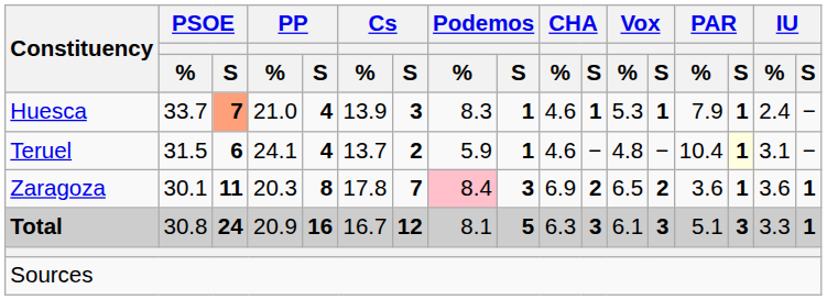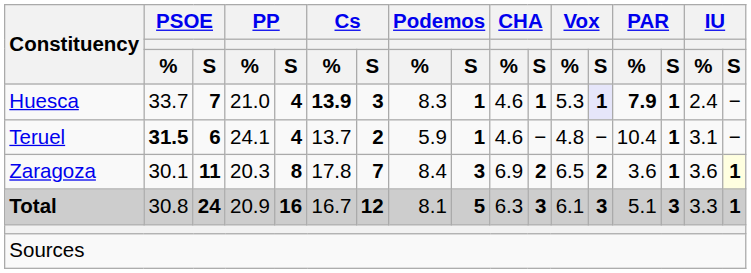 <table class="wikitable sortable" style="text-align:right; line-height:20px;">
 <tr>
 <th rowspan="3">Constituency</th>
 <th colspan="2" width="30px" class="unsortable"><a href='#'>PSOE</a></th>
 <th colspan="2" width="30px" class="unsortable"><a href='#'>PP</a></th>
 <th colspan="2" width="30px" class="unsortable"><a href='#'>Cs</a></th>
 <th colspan="2" width="30px" class="unsortable"><a href='#'>Podemos</a></th>
 <th colspan="2" width="30px" class="unsortable"><a href='#'>CHA</a></th>
 <th colspan="2" width="30px" class="unsortable"><a href='#'>Vox</a></th>
 <th colspan="2" width="30px" class="unsortable"><a href='#'>PAR</a></th>
 <th colspan="2" width="30px" class="unsortable"><a href='#'>IU</a></th>
 </tr>
 <tr>
 <th colspan="2" style="background:"></th>
 <th colspan="2" style="background:"></th>
 <th colspan="2" style="background:"></th>
 <th colspan="2" style="background:"></th>
 <th colspan="2" style="background:"></th>
 <th colspan="2" style="background:"></th>
 <th colspan="2" style="background:"></th>
 <th colspan="2" style="background:"></th>
 </tr>
 <tr>
 <th data-sort-type="number">%</th>
 <th data-sort-type="number">S</th>
 <th data-sort-type="number">%</th>
 <th data-sort-type="number">S</th>
 <th data-sort-type="number">%</th>
 <th data-sort-type="number">S</th>
 <th data-sort-type="number">%</th>
 <th data-sort-type="number">S</th>
 <th data-sort-type="number">%</th>
 <th data-sort-type="number">S</th>
 <th data-sort-type="number">%</th>
 <th data-sort-type="number">S</th>
 <th data-sort-type="number">%</th>
 <th data-sort-type="number">S</th>
 <th data-sort-type="number">%</th>
 <th data-sort-type="number">S</th>
 </tr>
 <tr>
 <td align="left"><a href='#'>Huesca</a></td>
 <td style="background:">33.7</td>
-<td style="background: lightsalmon;"><strong>7</strong></td>
+<td><strong>7</strong></td>
 <td>21.0</td>
 <td><strong>4</strong></td>
-<td>13.9</td>
+<td><strong>13.9</strong></td>
 <td><strong>3</strong></td>
 <td>8.3</td>
 <td><strong>1</strong></td>
 <td>4.6</td>
 <td><strong>1</strong></td>
 <td>5.3</td>
-<td><strong>1</strong></td>
-<td>7.9</td>
+<td style="background: lavender;"><strong>1</strong></td>
+<td><strong>7.9</strong></td>
 <td><strong>1</strong></td>
 <td>2.4</td>
 <td>−</td>
 </tr>
 <tr>
 <td align="left"><a href='#'>Teruel</a></td>
-<td style="background:">31.5</td>
+<td style="background:"><strong>31.5</strong></td>
 <td><strong>6</strong></td>
 <td>24.1</td>
 <td><strong>4</strong></td>
 <td>13.7</td>
 <td><strong>2</strong></td>
 <td>5.9</td>
 <td><strong>1</strong></td>
 <td>4.6</td>
 <td>−</td>
 <td>4.8</td>
 <td>−</td>
 <td>10.4</td>
-<td style="background: lightyellow;"><strong>1</strong></td>
+<td><strong>1</strong></td>
 <td>3.1</td>
 <td>−</td>
 </tr>
 <tr>
 <td align="left"><a href='#'>Zaragoza</a></td>
 <td style="background:">30.1</td>
 <td><strong>11</strong></td>
 <td>20.3</td>
 <td><strong>8</strong></td>
 <td>17.8</td>
 <td><strong>7</strong></td>
-<td style="background: pink;">8.4</td>
+<td>8.4</td>
 <td><strong>3</strong></td>
 <td>6.9</td>
 <td><strong>2</strong></td>
 <td>6.5</td>
 <td><strong>2</strong></td>
 <td>3.6</td>
 <td><strong>1</strong></td>
 <td>3.6</td>
-<td><strong>1</strong></td>
+<td style="background: lightyellow;"><strong>1</strong></td>
 </tr>
 <tr style="background:#CDCDCD;">
 <td align="left"><strong>Total</strong></td>
 <td style="background:">30.8</td>
 <td><strong>24</strong></td>
 <td>20.9</td>
 <td><strong>16</strong></td>
 <td>16.7</td>
 <td><strong>12</strong></td>
 <td>8.1</td>
 <td><strong>5</strong></td>
 <td>6.3</td>
 <td><strong>3</strong></td>
 <td>6.1</td>
 <td><strong>3</strong></td>
 <td>5.1</td>
 <td><strong>3</strong></td>
 <td>3.3</td>
 <td><strong>1</strong></td>
 </tr>
 <tr>
 <th colspan="17"></th>
 </tr>
 <tr>
 <th style="text-align:left; font-weight:normal; background:#F9F9F9" colspan="17">Sources</th>
 </tr>
 </table>
